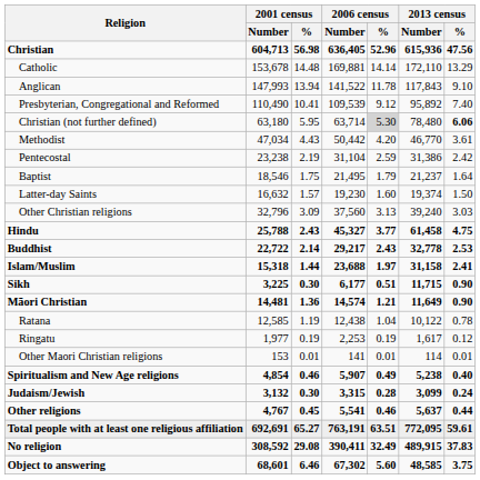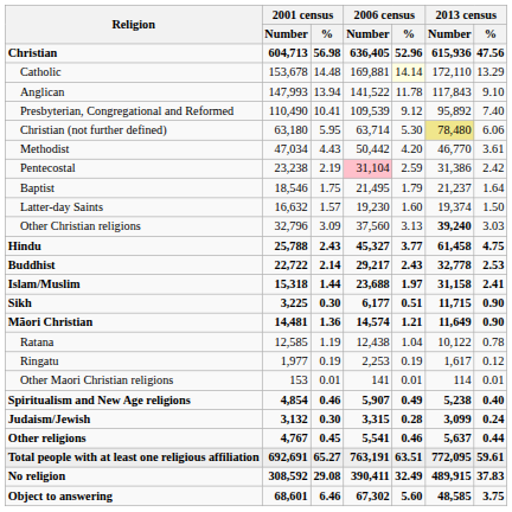 <table class="wikitable" style="text-align:right;">
 <tr>
 <th rowspan=2>Religion</th>
 <th colspan=2>2001 census</th>
 <th colspan=2>2006 census</th>
 <th colspan=2>2013 census</th>
 </tr>
 <tr>
 <th>Number</th>
 <th>%</th>
 <th>Number</th>
 <th>%</th>
 <th>Number</th>
 <th>%</th>
 </tr>
 <tr>
 <td style="text-align:left;"><strong>Christian</strong></td>
 <td><strong>604,713</strong></td>
 <td><strong>56.98</strong></td>
 <td><strong>636,405</strong></td>
 <td><strong>52.96</strong></td>
 <td><strong>615,936</strong></td>
 <td><strong>47.56</strong></td>
 </tr>
 <tr>
 <td style="text-align:left;">    Catholic</td>
 <td>153,678</td>
 <td>14.48</td>
 <td>169,881</td>
-<td>14.14</td>
+<td style="background: lightyellow;">14.14</td>
 <td>172,110</td>
 <td>13.29</td>
 </tr>
 <tr>
 <td style="text-align:left;">    Anglican</td>
 <td>147,993</td>
 <td>13.94</td>
 <td>141,522</td>
 <td>11.78</td>
 <td>117,843</td>
 <td>9.10</td>
 </tr>
 <tr>
 <td style="text-align:left;">    Presbyterian, Congregational and Reformed</td>
 <td>110,490</td>
 <td>10.41</td>
 <td>109,539</td>
 <td>9.12</td>
 <td>95,892</td>
 <td>7.40</td>
 </tr>
 <tr>
 <td style="text-align:left;">    Christian (not further defined)</td>
 <td>63,180</td>
 <td>5.95</td>
 <td>63,714</td>
-<td style="background: lightgrey;">5.30</td>
-<td>78,480</td>
-<td><strong>6.06</strong></td>
+<td>5.30</td>
+<td style="background: khaki;">78,480</td>
+<td>6.06</td>
 </tr>
 <tr>
 <td style="text-align:left;">    Methodist</td>
 <td>47,034</td>
 <td>4.43</td>
 <td>50,442</td>
 <td>4.20</td>
 <td>46,770</td>
 <td>3.61</td>
 </tr>
 <tr>
 <td style="text-align:left;">    Pentecostal</td>
 <td>23,238</td>
 <td>2.19</td>
-<td>31,104</td>
+<td style="background: pink;">31,104</td>
 <td>2.59</td>
 <td>31,386</td>
 <td>2.42</td>
 </tr>
 <tr>
 <td style="text-align:left;">    Baptist</td>
 <td>18,546</td>
 <td>1.75</td>
 <td>21,495</td>
 <td>1.79</td>
 <td>21,237</td>
 <td>1.64</td>
 </tr>
 <tr>
 <td style="text-align:left;">    Latter-day Saints</td>
 <td>16,632</td>
 <td>1.57</td>
 <td>19,230</td>
 <td>1.60</td>
 <td>19,374</td>
 <td>1.50</td>
 </tr>
 <tr>
 <td style="text-align:left;">    Other Christian religions</td>
 <td>32,796</td>
 <td>3.09</td>
 <td>37,560</td>
 <td>3.13</td>
-<td>39,240</td>
+<td><strong>39,240</strong></td>
 <td>3.03</td>
 </tr>
 <tr>
 <td style="text-align:left;"><strong>Hindu</strong></td>
 <td><strong>25,788</strong></td>
 <td><strong>2.43</strong></td>
 <td><strong>45,327</strong></td>
 <td><strong>3.77</strong></td>
 <td><strong>61,458</strong></td>
 <td><strong>4.75</strong></td>
 </tr>
 <tr>
 <td style="text-align:left;"><strong>Buddhist</strong></td>
 <td><strong>22,722</strong></td>
 <td><strong>2.14</strong></td>
 <td><strong>29,217</strong></td>
 <td><strong>2.43</strong></td>
 <td><strong>32,778</strong></td>
 <td><strong>2.53</strong></td>
 </tr>
 <tr>
 <td style="text-align:left;"><strong>Islam/Muslim</strong></td>
 <td><strong>15,318</strong></td>
 <td><strong>1.44</strong></td>
 <td><strong>23,688</strong></td>
 <td><strong>1.97</strong></td>
 <td><strong>31,158</strong></td>
 <td><strong>2.41</strong></td>
 </tr>
 <tr>
 <td style="text-align:left;"><strong>Sikh</strong></td>
 <td><strong>3,225</strong></td>
 <td><strong>0.30</strong></td>
 <td><strong>6,177</strong></td>
 <td><strong>0.51</strong></td>
 <td><strong>11,715</strong></td>
 <td><strong>0.90</strong></td>
 </tr>
 <tr>
 <td style="text-align:left;"><strong>Māori Christian</strong></td>
 <td><strong>14,481</strong></td>
 <td><strong>1.36</strong></td>
 <td><strong>14,574</strong></td>
 <td><strong>1.21</strong></td>
 <td><strong>11,649</strong></td>
 <td><strong>0.90</strong></td>
 </tr>
 <tr>
 <td style="text-align:left;">    Ratana</td>
 <td>12,585</td>
 <td>1.19</td>
 <td>12,438</td>
 <td>1.04</td>
 <td>10,122</td>
 <td>0.78</td>
 </tr>
 <tr>
 <td style="text-align:left;">    Ringatu</td>
 <td>1,977</td>
 <td>0.19</td>
 <td>2,253</td>
 <td>0.19</td>
 <td>1,617</td>
 <td>0.12</td>
 </tr>
 <tr>
 <td style="text-align:left;">    Other Maori Christian religions</td>
 <td>153</td>
 <td>0.01</td>
 <td>141</td>
 <td>0.01</td>
 <td>114</td>
 <td>0.01</td>
 </tr>
 <tr>
 <td style="text-align:left;"><strong>Spiritualism and New Age religions</strong></td>
 <td><strong>4,854</strong></td>
 <td><strong>0.46</strong></td>
 <td><strong>5,907</strong></td>
 <td><strong>0.49</strong></td>
 <td><strong>5,238</strong></td>
 <td><strong>0.40</strong></td>
 </tr>
 <tr>
 <td style="text-align:left;"><strong>Judaism/Jewish</strong></td>
 <td><strong>3,132</strong></td>
 <td><strong>0.30</strong></td>
 <td><strong>3,315</strong></td>
 <td><strong>0.28</strong></td>
 <td><strong>3,099</strong></td>
 <td><strong>0.24</strong></td>
 </tr>
 <tr>
 <td style="text-align:left;"><strong>Other religions</strong></td>
 <td><strong>4,767</strong></td>
 <td><strong>0.45</strong></td>
 <td><strong>5,541</strong></td>
 <td><strong>0.46</strong></td>
 <td><strong>5,637</strong></td>
 <td><strong>0.44</strong></td>
 </tr>
 <tr style="background:#EEEEEE;">
 <td style="text-align:left;"><strong>Total people with at least one religious affiliation</strong></td>
 <td><strong>692,691</strong></td>
 <td><strong>65.27</strong></td>
 <td><strong>763,191</strong></td>
 <td><strong>63.51</strong></td>
 <td><strong>772,095</strong></td>
 <td><strong>59.61</strong></td>
 </tr>
 <tr>
 <td style="text-align:left;"><strong>No religion</strong></td>
 <td><strong>308,592</strong></td>
 <td><strong>29.08</strong></td>
 <td><strong>390,411</strong></td>
 <td><strong>32.49</strong></td>
 <td><strong>489,915</strong></td>
 <td><strong>37.83</strong></td>
 </tr>
 <tr>
 <td style="text-align:left;"><strong>Object to answering</strong></td>
 <td><strong>68,601</strong></td>
 <td><strong>6.46</strong></td>
 <td><strong>67,302</strong></td>
 <td><strong>5.60</strong></td>
 <td><strong>48,585</strong></td>
 <td><strong>3.75</strong></td>
 </tr>
 </table>
